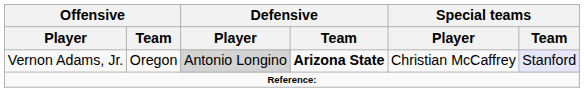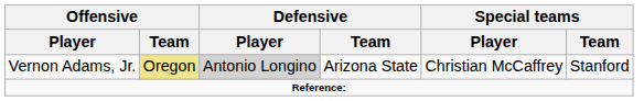 <table class="wikitable">
 <tr>
 <th colspan="2">Offensive</th>
 <th colspan="2">Defensive</th>
 <th colspan="2">Special teams</th>
 </tr>
 <tr>
 <th>Player</th>
 <th>Team</th>
 <th>Player</th>
 <th>Team</th>
 <th>Player</th>
 <th>Team</th>
 </tr>
 <tr>
 <td>Vernon Adams, Jr.</td>
-<td>Oregon</td>
+<td style="background: khaki;">Oregon</td>
 <td style="background: lightgrey;">Antonio Longino</td>
-<td><strong>Arizona State</strong></td>
+<td>Arizona State</td>
 <td>Christian McCaffrey</td>
-<td style="background: lavender;">Stanford</td>
+<td>Stanford</td>
 </tr>
 <tr>
 <td colspan="12"  style="font-size:8pt; text-align:center;"><strong>Reference:</strong></td>
 </tr>
 </table>
